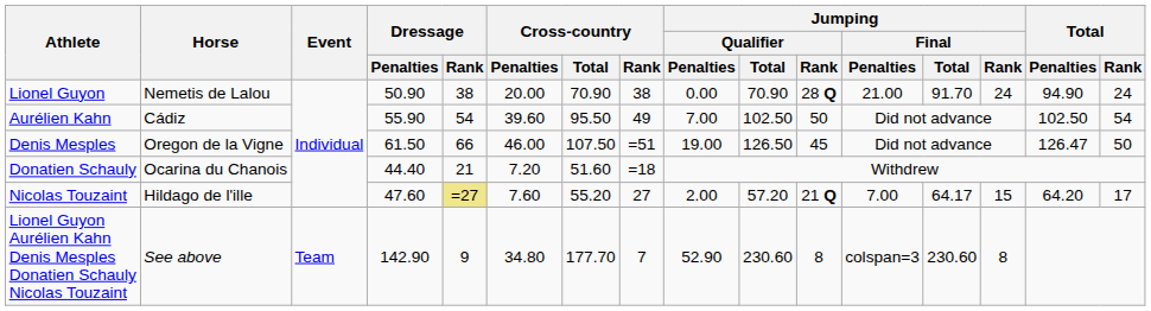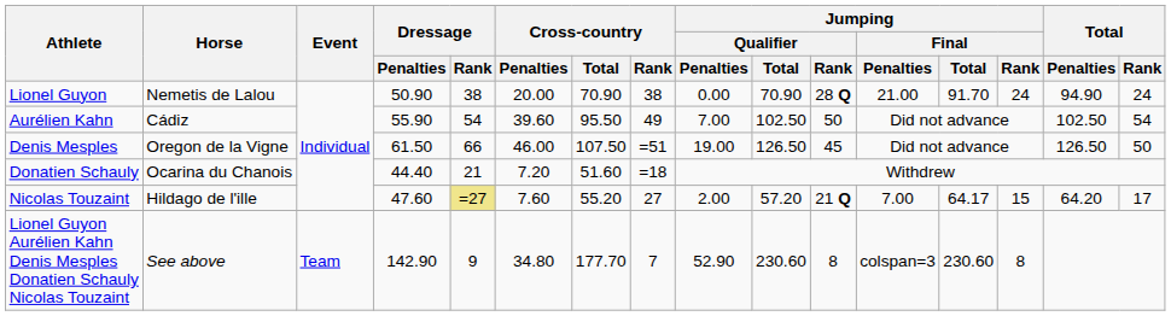 <table class=wikitable style="font-size:90%">
 <tr>
 <th rowspan="3">Athlete</th>
 <th rowspan="3">Horse</th>
 <th rowspan="3">Event</th>
 <th colspan="2" rowspan="2">Dressage</th>
 <th colspan="3" rowspan="2">Cross-country</th>
 <th colspan="6">Jumping</th>
 <th colspan="2" rowspan="2">Total</th>
 </tr>
 <tr style="font-size:95%">
 <th colspan="3">Qualifier</th>
 <th colspan="3">Final</th>
 </tr>
 <tr style="font-size:95%">
 <th>Penalties</th>
 <th>Rank</th>
 <th>Penalties</th>
 <th>Total</th>
 <th>Rank</th>
 <th>Penalties</th>
 <th>Total</th>
 <th>Rank</th>
 <th>Penalties</th>
 <th>Total</th>
 <th>Rank</th>
 <th>Penalties</th>
 <th>Rank</th>
 </tr>
 <tr align=center>
 <td align=left><a href='#'>Lionel Guyon</a></td>
 <td align=left>Nemetis de Lalou</td>
 <td align=left rowspan=5><a href='#'>Individual</a></td>
 <td>50.90</td>
 <td>38</td>
 <td>20.00</td>
 <td>70.90</td>
 <td>38</td>
 <td>0.00</td>
 <td>70.90</td>
 <td>28 <strong>Q</strong></td>
 <td>21.00</td>
 <td>91.70</td>
 <td>24</td>
 <td>94.90</td>
 <td>24</td>
 </tr>
 <tr align=center>
 <td align=left><a href='#'>Aurélien Kahn</a></td>
 <td align=left>Cádiz</td>
 <td>55.90</td>
 <td>54</td>
 <td>39.60</td>
 <td>95.50</td>
 <td>49</td>
 <td>7.00</td>
 <td>102.50</td>
 <td>50</td>
 <td colspan=3>Did not advance</td>
 <td>102.50</td>
 <td>54</td>
 </tr>
 <tr align=center>
 <td align=left><a href='#'>Denis Mesples</a></td>
 <td align=left>Oregon de la Vigne</td>
 <td>61.50</td>
 <td>66</td>
 <td>46.00</td>
 <td>107.50</td>
 <td>=51</td>
 <td>19.00</td>
 <td>126.50</td>
 <td>45</td>
 <td colspan=3>Did not advance</td>
-<td>126.47</td>
+<td>126.50</td>
 <td>50</td>
 </tr>
 <tr align=center>
 <td align=left><a href='#'>Donatien Schauly</a></td>
 <td align=left>Ocarina du Chanois</td>
 <td>44.40</td>
 <td>21</td>
 <td>7.20</td>
 <td>51.60</td>
 <td>=18</td>
 <td colspan=8>Withdrew</td>
 </tr>
 <tr align=center>
 <td align=left><a href='#'>Nicolas Touzaint</a></td>
 <td align=left>Hildago de l'ille</td>
 <td>47.60</td>
 <td style="background: khaki;">=27</td>
 <td>7.60</td>
 <td>55.20</td>
 <td>27</td>
 <td>2.00</td>
 <td>57.20</td>
 <td>21 <strong>Q</strong></td>
 <td>7.00</td>
 <td>64.17</td>
 <td>15</td>
 <td>64.20</td>
 <td>17</td>
 </tr>
 <tr align=center>
 <td align=left><a href='#'>Lionel Guyon</a><br><a href='#'>Aurélien Kahn</a><br><a href='#'>Denis Mesples</a><br><a href='#'>Donatien Schauly</a><br><a href='#'>Nicolas Touzaint</a></td>
 <td align=left><em>See above</em></td>
 <td align=left><a href='#'>Team</a></td>
 <td>142.90</td>
 <td>9</td>
 <td>34.80</td>
 <td>177.70</td>
 <td>7</td>
 <td>52.90</td>
 <td>230.60</td>
 <td>8</td>
 <td>colspan=3 </td>
 <td>230.60</td>
 <td>8</td>
 </tr>
 </table>
